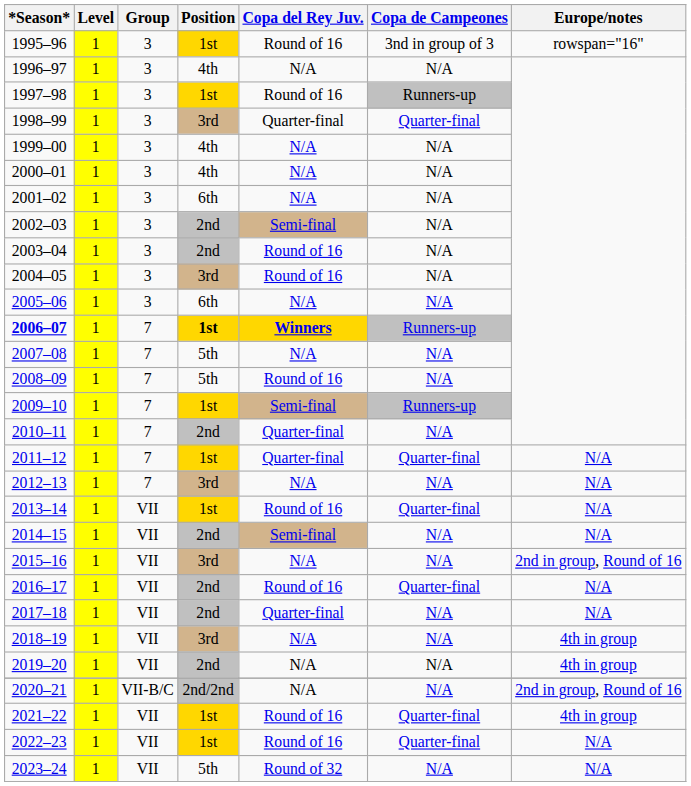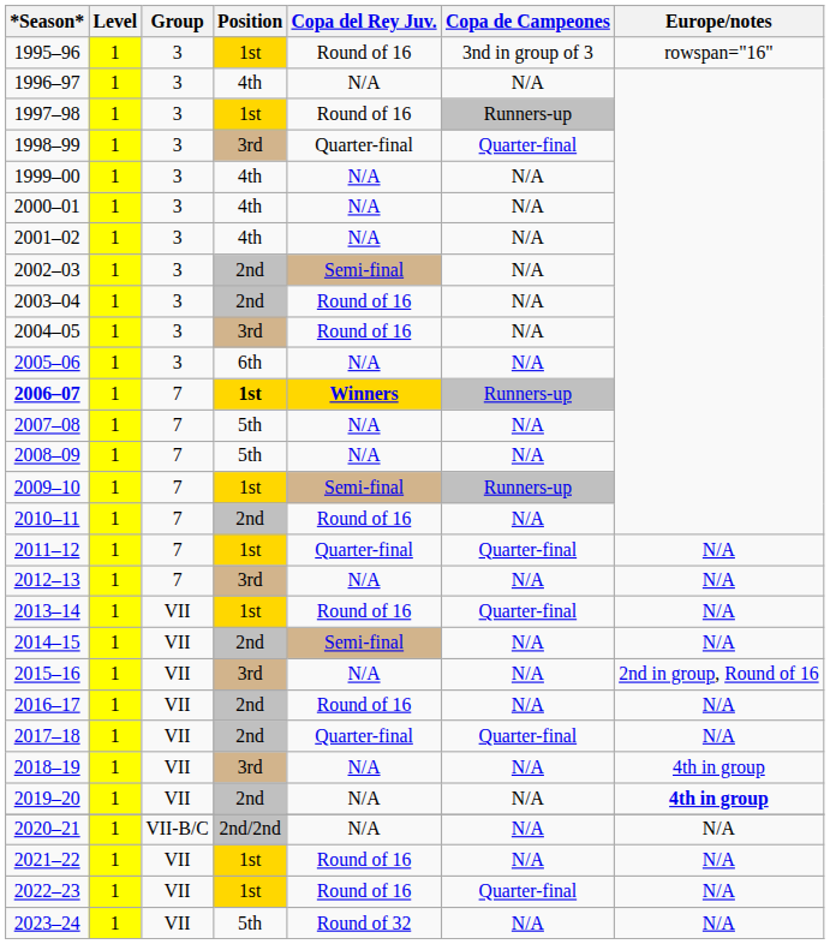 <table class="wikitable" style="text-align:center; font-size:90%">
 <tr>
 <th>*Season*</th>
 <th>Level</th>
 <th>Group</th>
 <th>Position</th>
 <th><a href='#'>Copa del Rey Juv.</a></th>
 <th><a href='#'>Copa de Campeones</a></th>
 <th>Europe/notes</th>
 </tr>
 <tr>
 <td>1995–96</td>
 <td bgcolor=#FFFF00>1</td>
 <td>3</td>
 <td bgcolor=gold>1st</td>
 <td>Round of 16</td>
 <td>3nd in group of 3</td>
 <td>rowspan="16" </td>
 </tr>
 <tr>
 <td>1996–97</td>
 <td bgcolor=#FFFF00>1</td>
 <td>3</td>
 <td>4th</td>
 <td>N/A</td>
 <td>N/A</td>
 </tr>
 <tr>
 <td>1997–98</td>
 <td bgcolor=#FFFF00>1</td>
 <td>3</td>
 <td bgcolor=gold>1st</td>
 <td>Round of 16</td>
 <td bgcolor=silver>Runners-up</td>
 </tr>
 <tr>
 <td>1998–99</td>
 <td bgcolor=#FFFF00>1</td>
 <td>3</td>
 <td bgcolor=#D2B48C>3rd</td>
 <td>Quarter-final</td>
 <td><a href='#'>Quarter-final</a></td>
 </tr>
 <tr>
 <td>1999–00</td>
 <td bgcolor=#FFFF00>1</td>
 <td>3</td>
 <td>4th</td>
 <td><a href='#'>N/A</a></td>
 <td>N/A</td>
 </tr>
 <tr>
 <td>2000–01</td>
 <td bgcolor=#FFFF00>1</td>
 <td>3</td>
 <td>4th</td>
 <td><a href='#'>N/A</a></td>
 <td>N/A</td>
 </tr>
 <tr>
 <td>2001–02</td>
 <td bgcolor=#FFFF00>1</td>
 <td>3</td>
-<td>6th</td>
+<td>4th</td>
 <td><a href='#'>N/A</a></td>
 <td>N/A</td>
 </tr>
 <tr>
 <td>2002–03</td>
 <td bgcolor=#FFFF00>1</td>
 <td>3</td>
 <td bgcolor=silver>2nd</td>
 <td bgcolor=#D2B48C><a href='#'>Semi-final</a></td>
 <td>N/A</td>
 </tr>
 <tr>
 <td>2003–04</td>
 <td bgcolor=#FFFF00>1</td>
 <td>3</td>
 <td bgcolor=silver>2nd</td>
 <td><a href='#'>Round of 16</a></td>
 <td>N/A</td>
 </tr>
 <tr>
 <td>2004–05</td>
 <td bgcolor=#FFFF00>1</td>
 <td>3</td>
 <td bgcolor=#D2B48C>3rd</td>
 <td><a href='#'>Round of 16</a></td>
 <td>N/A</td>
 </tr>
 <tr>
 <td><a href='#'>2005–06</a></td>
 <td bgcolor=#FFFF00>1</td>
 <td>3</td>
 <td>6th</td>
 <td><a href='#'>N/A</a></td>
 <td><a href='#'>N/A</a></td>
 </tr>
 <tr>
 <td><strong><a href='#'>2006–07</a></strong></td>
 <td bgcolor=#FFFF00>1</td>
 <td>7</td>
 <td bgcolor=gold><strong>1st</strong></td>
 <td bgcolor=gold><strong><a href='#'>Winners</a></strong></td>
 <td bgcolor=silver><a href='#'>Runners-up</a></td>
 </tr>
 <tr>
 <td><a href='#'>2007–08</a></td>
 <td bgcolor=#FFFF00>1</td>
 <td>7</td>
 <td>5th</td>
 <td><a href='#'>N/A</a></td>
 <td><a href='#'>N/A</a></td>
 </tr>
 <tr>
 <td><a href='#'>2008–09</a></td>
 <td bgcolor=#FFFF00>1</td>
 <td>7</td>
 <td>5th</td>
-<td><a href='#'>Round of 16</a></td>
+<td><a href='#'>N/A</a></td>
 <td><a href='#'>N/A</a></td>
 </tr>
 <tr>
 <td><a href='#'>2009–10</a></td>
 <td bgcolor=#FFFF00>1</td>
 <td>7</td>
 <td bgcolor=gold>1st</td>
 <td bgcolor=#D2B48C><a href='#'>Semi-final</a></td>
 <td bgcolor=silver><a href='#'>Runners-up</a></td>
 </tr>
 <tr>
 <td><a href='#'>2010–11</a></td>
 <td bgcolor=#FFFF00>1</td>
 <td>7</td>
 <td bgcolor=silver>2nd</td>
-<td><a href='#'>Quarter-final</a></td>
+<td><a href='#'>Round of 16</a></td>
 <td><a href='#'>N/A</a></td>
 </tr>
 <tr>
 <td><a href='#'>2011–12</a></td>
 <td bgcolor=#FFFF00>1</td>
 <td>7</td>
 <td bgcolor=gold>1st</td>
 <td><a href='#'>Quarter-final</a></td>
 <td><a href='#'>Quarter-final</a></td>
 <td><a href='#'>N/A</a></td>
 </tr>
 <tr>
 <td><a href='#'>2012–13</a></td>
 <td bgcolor=#FFFF00>1</td>
 <td>7</td>
 <td bgcolor=#D2B48C>3rd</td>
 <td><a href='#'>N/A</a></td>
 <td><a href='#'>N/A</a></td>
 <td><a href='#'>N/A</a></td>
 </tr>
 <tr>
 <td><a href='#'>2013–14</a></td>
 <td bgcolor=#FFFF00>1</td>
 <td>VII</td>
 <td bgcolor=gold>1st</td>
 <td><a href='#'>Round of 16</a></td>
 <td><a href='#'>Quarter-final</a></td>
 <td><a href='#'>N/A</a></td>
 </tr>
 <tr>
 <td><a href='#'>2014–15</a></td>
 <td bgcolor=#FFFF00>1</td>
 <td>VII</td>
 <td bgcolor=silver>2nd</td>
 <td bgcolor=#D2B48C><a href='#'>Semi-final</a></td>
 <td><a href='#'>N/A</a></td>
 <td><a href='#'>N/A</a></td>
 </tr>
 <tr>
 <td><a href='#'>2015–16</a></td>
 <td bgcolor=#FFFF00>1</td>
 <td>VII</td>
 <td bgcolor=#D2B48C>3rd</td>
 <td><a href='#'>N/A</a></td>
 <td><a href='#'>N/A</a></td>
 <td><a href='#'>2nd in group</a>, <a href='#'>Round of 16</a></td>
 </tr>
 <tr>
 <td><a href='#'>2016–17</a></td>
 <td bgcolor=#FFFF00>1</td>
 <td>VII</td>
 <td bgcolor=silver>2nd</td>
 <td><a href='#'>Round of 16</a></td>
-<td><a href='#'>Quarter-final</a></td>
+<td><a href='#'>N/A</a></td>
 <td><a href='#'>N/A</a></td>
 </tr>
 <tr>
 <td><a href='#'>2017–18</a></td>
 <td bgcolor=#FFFF00>1</td>
 <td>VII</td>
 <td bgcolor=silver>2nd</td>
 <td><a href='#'>Quarter-final</a></td>
-<td><a href='#'>N/A</a></td>
+<td><a href='#'>Quarter-final</a></td>
 <td><a href='#'>N/A</a></td>
 </tr>
 <tr>
 <td><a href='#'>2018–19</a></td>
 <td bgcolor=#FFFF00>1</td>
 <td>VII</td>
 <td bgcolor=#D2B48C>3rd</td>
 <td><a href='#'>N/A</a></td>
 <td><a href='#'>N/A</a></td>
 <td><a href='#'>4th in group</a></td>
 </tr>
 <tr>
 <td><a href='#'>2019–20</a></td>
 <td bgcolor=#FFFF00>1</td>
 <td>VII</td>
 <td bgcolor=silver>2nd</td>
 <td>N/A</td>
 <td>N/A</td>
-<td><a href='#'>4th in group</a></td>
+<td><strong><a href='#'>4th in group</a></strong></td>
 </tr>
 <tr>
 </tr>
 <tr>
 <td><a href='#'>2020–21</a></td>
 <td bgcolor="#FFFF00">1</td>
 <td>VII-B/C</td>
 <td bgcolor=silver>2nd/2nd</td>
 <td>N/A</td>
 <td><a href='#'>N/A</a></td>
-<td><a href='#'>2nd in group</a>, <a href='#'>Round of 16</a></td>
+<td>N/A</td>
 </tr>
 <tr>
 <td><a href='#'>2021–22</a></td>
 <td bgcolor=#FFFF00>1</td>
 <td>VII</td>
 <td bgcolor=gold>1st</td>
 <td><a href='#'>Round of 16</a></td>
-<td><a href='#'>Quarter-final</a></td>
-<td><a href='#'>4th in group</a></td>
+<td><a href='#'>N/A</a></td>
+<td><a href='#'>N/A</a></td>
 </tr>
 <tr>
 <td><a href='#'>2022–23</a></td>
 <td bgcolor=#FFFF00>1</td>
 <td>VII</td>
 <td bgcolor=gold>1st</td>
 <td><a href='#'>Round of 16</a></td>
 <td><a href='#'>Quarter-final</a></td>
 <td><a href='#'>N/A</a></td>
 </tr>
 <tr>
 <td><a href='#'>2023–24</a></td>
 <td bgcolor=#FFFF00>1</td>
 <td>VII</td>
 <td>5th</td>
 <td><a href='#'>Round of 32</a></td>
 <td><a href='#'>N/A</a></td>
 <td><a href='#'>N/A</a></td>
 </tr>
 <tr>
 </tr>
 </table>
